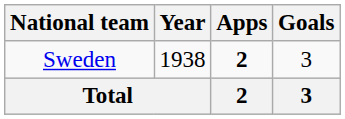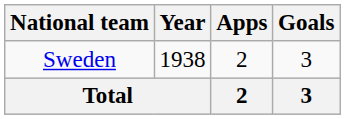 <table class=wikitable style=text-align:center>
 <tr>
 <th>National team</th>
 <th>Year</th>
 <th>Apps</th>
 <th>Goals</th>
 </tr>
 <tr>
 <td><a href='#'>Sweden</a></td>
 <td>1938</td>
-<td><strong>2</strong></td>
+<td>2</td>
 <td>3</td>
 </tr>
 <tr>
 <th colspan="2">Total</th>
 <th>2</th>
 <th>3</th>
 </tr>
 </table>
